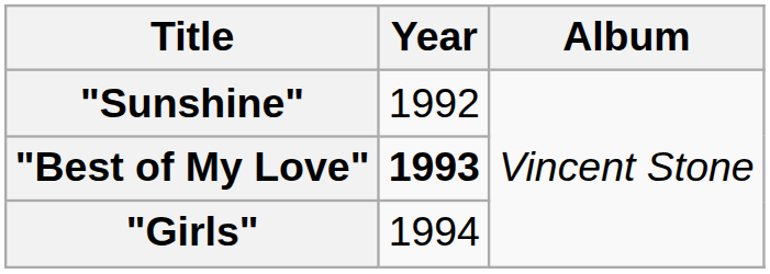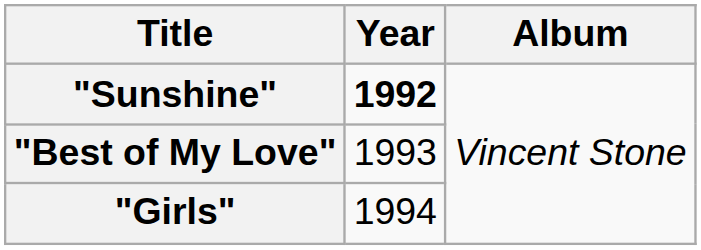 <table class="wikitable plainrowheaders" style="text-align:center;">
 <tr>
 <th>Title</th>
 <th>Year</th>
 <th>Album</th>
 </tr>
 <tr>
 <th scope="row">"Sunshine"</th>
-<td>1992</td>
+<td><strong>1992</strong></td>
 <td rowspan="3"><em>Vincent Stone</em></td>
 </tr>
 <tr>
 <th scope="row">"Best of My Love"</th>
-<td><strong>1993</strong></td>
+<td>1993</td>
 </tr>
 <tr>
 <th scope="row">"Girls"</th>
 <td>1994</td>
 </tr>
 </table>
